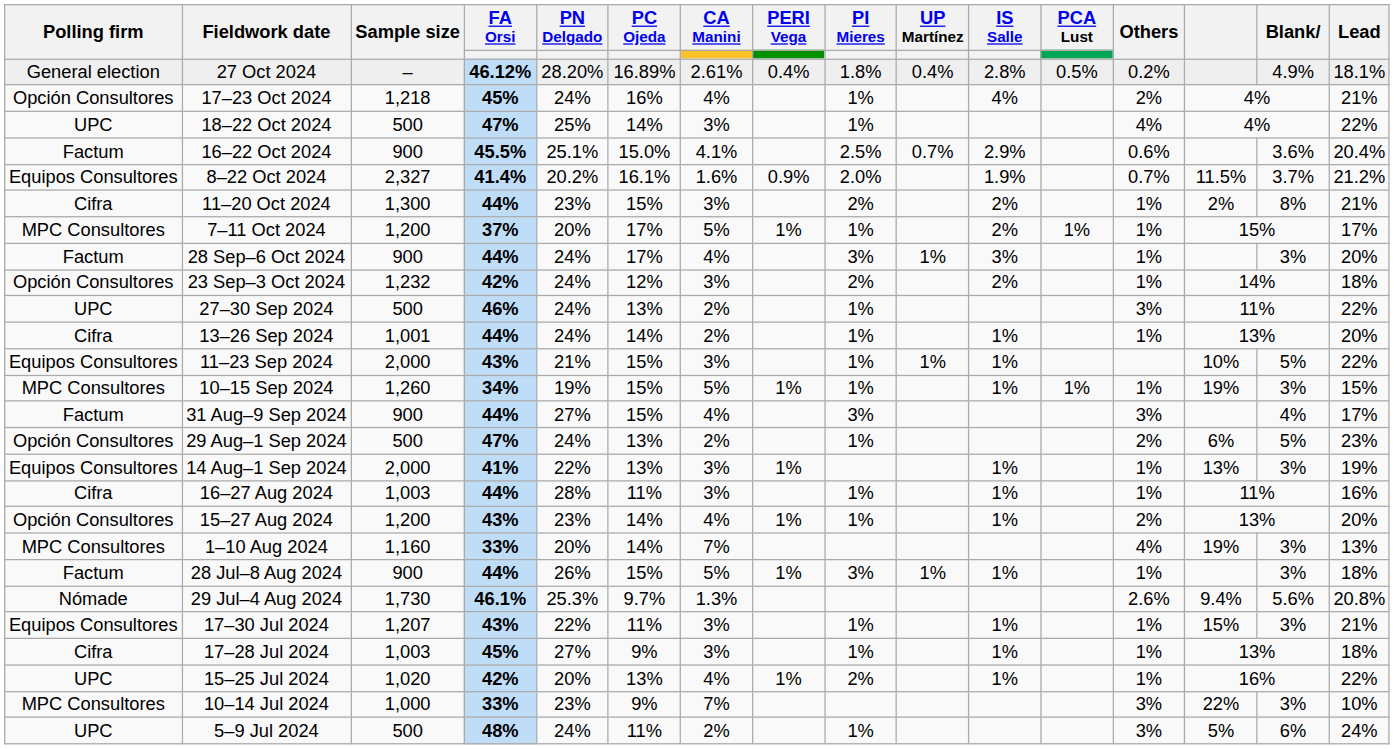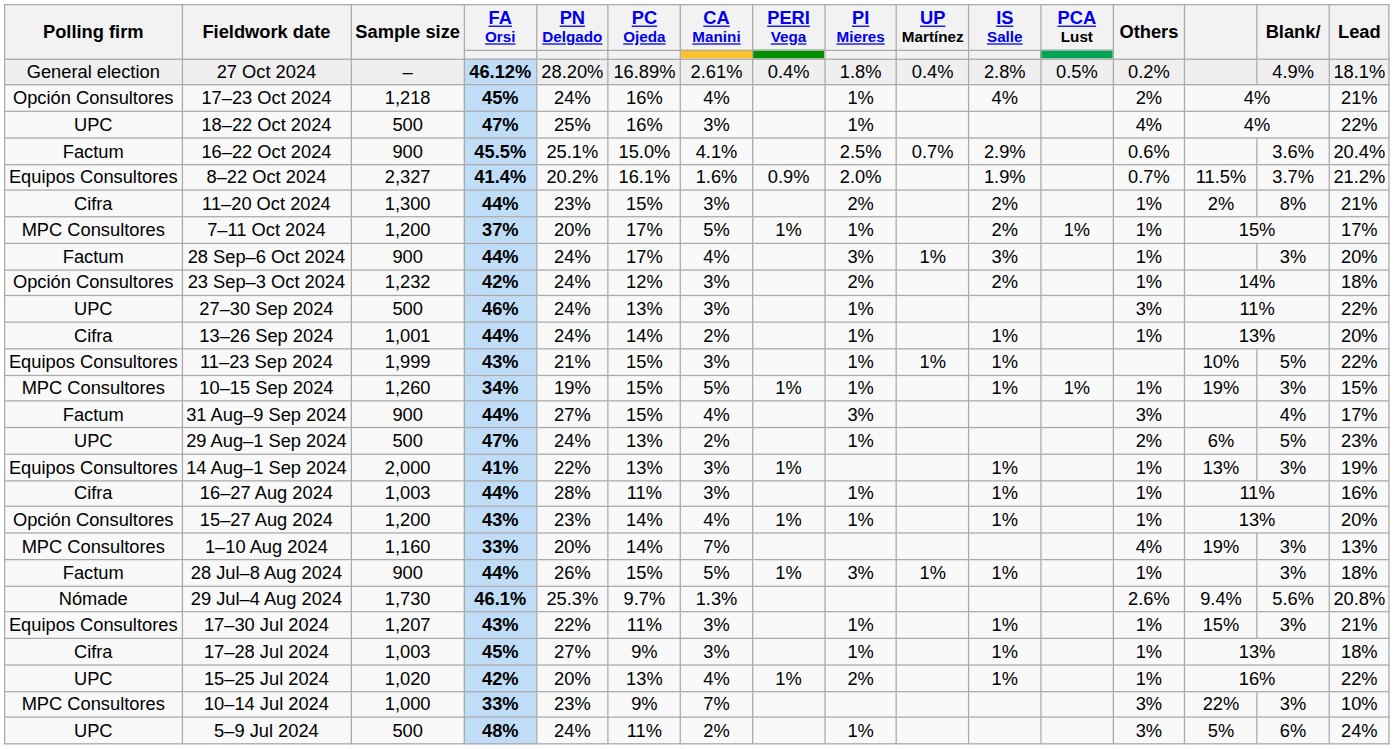 <table class="wikitable sortable collapsible collapsed mw-datatable" style="text-align:center;font-size:90%;line-height:14px;">
 <tr>
 <th rowspan=2>Polling firm</th>
 <th rowspan=2>Fieldwork date</th>
 <th rowspan=2>Sample size</th>
 <th style="width:50px;" class="unsortable"><a href='#'>FA</a><br><small><a href='#'>Orsi</a></small></th>
 <th style="width:50px;" class="unsortable"><a href='#'>PN</a><br><small><a href='#'>Delgado</a></small></th>
 <th style="width:50px;" class="unsortable"><a href='#'>PC</a><br><small><a href='#'>Ojeda</a></small></th>
 <th style="width:50px;" class="unsortable"><a href='#'>CA</a><br><small><a href='#'>Manini</a></small></th>
 <th style="width:50px;" class="unsortable"><a href='#'>PERI</a><br><small><a href='#'>Vega</a></small></th>
 <th style="width:50px;" class="unsortable"><a href='#'>PI</a><br><small><a href='#'>Mieres</a></small></th>
 <th style="width:50px;" class="unsortable"><a href='#'>UP</a><br><small>Martínez</small></th>
 <th style="width:50px;" class="unsortable"><a href='#'>IS</a><br><small><a href='#'>Salle</a></small></th>
 <th style="width:50px;" class="unsortable"><a href='#'>PCA</a><br><small>Lust</small></th>
 <th rowspan="2" style="width:50px;" class="unsortable">Others</th>
 <th rowspan="2" style="width:50px;" class="unsortable"></th>
 <th rowspan="2" style="width:50px;" class="unsortable">Blank/</th>
 <th rowspan="2" style="width:30px;">Lead</th>
 </tr>
 <tr>
 <th data-sort-type="number" style="background:"></th>
 <th data-sort-type="number" style="background:"></th>
 <th data-sort-type="number" style="background:"></th>
 <th data-sort-type="number" style="background:#FBC22B"></th>
 <th data-sort-type="number" style="background:#009000"></th>
 <th data-sort-type="number" style="background:"></th>
 <th data-sort-type="number" style="background:"></th>
 <th data-sort-type="number" style="background:"></th>
 <th data-sort-type="number" style="background:#00a655"></th>
 </tr>
 <tr style="background:#EFEFEF;">
 <td>General election</td>
 <td>27 Oct 2024</td>
 <td>–</td>
 <td style="background:#C0DDF8;"><strong>46.12%</strong></td>
 <td>28.20%</td>
 <td>16.89%</td>
 <td>2.61%</td>
 <td>0.4%</td>
 <td>1.8%</td>
 <td>0.4%</td>
 <td>2.8%</td>
 <td>0.5%</td>
 <td>0.2%</td>
 <td></td>
 <td>4.9%</td>
 <td style="background:">18.1%</td>
 </tr>
 <tr>
 <td>Opción Consultores</td>
 <td>17–23 Oct 2024</td>
 <td>1,218</td>
 <td style="background:#C0DDF8;"><strong>45%</strong></td>
 <td>24%</td>
 <td>16%</td>
 <td>4%</td>
 <td></td>
 <td>1%</td>
 <td></td>
 <td>4%</td>
 <td></td>
 <td>2%</td>
 <td colspan="2">4%</td>
 <td style="background:">21%</td>
 </tr>
 <tr>
 <td>UPC</td>
 <td>18–22 Oct 2024</td>
 <td>500</td>
 <td style="background:#C0DDF8;"><strong>47%</strong></td>
 <td>25%</td>
-<td>14%</td>
+<td>16%</td>
 <td>3%</td>
 <td></td>
 <td>1%</td>
 <td></td>
 <td></td>
 <td></td>
 <td>4%</td>
 <td colspan="2">4%</td>
 <td style="background:">22%</td>
 </tr>
 <tr>
 <td>Factum</td>
 <td>16–22 Oct 2024</td>
 <td>900</td>
 <td style="background:#C0DDF8;"><strong>45.5%</strong></td>
 <td>25.1%</td>
 <td>15.0%</td>
 <td>4.1%</td>
 <td></td>
 <td>2.5%</td>
 <td>0.7%</td>
 <td>2.9%</td>
 <td></td>
 <td>0.6%</td>
 <td></td>
 <td>3.6%</td>
 <td style="background:">20.4%</td>
 </tr>
 <tr>
 <td>Equipos Consultores</td>
 <td>8–22 Oct 2024</td>
 <td>2,327</td>
 <td style="background:#C0DDF8;"><strong>41.4%</strong></td>
 <td>20.2%</td>
 <td>16.1%</td>
 <td>1.6%</td>
 <td>0.9%</td>
 <td>2.0%</td>
 <td></td>
 <td>1.9%</td>
 <td></td>
 <td>0.7%</td>
 <td>11.5%</td>
 <td>3.7%</td>
 <td style="background:">21.2%</td>
 </tr>
 <tr>
 <td>Cifra</td>
 <td>11–20 Oct 2024</td>
 <td>1,300</td>
 <td style="background:#C0DDF8;"><strong>44%</strong></td>
 <td>23%</td>
 <td>15%</td>
 <td>3%</td>
 <td></td>
 <td>2%</td>
 <td></td>
 <td>2%</td>
 <td></td>
 <td>1%</td>
 <td>2%</td>
 <td>8%</td>
 <td style="background:">21%</td>
 </tr>
 <tr>
 <td>MPC Consultores</td>
 <td>7–11 Oct 2024</td>
 <td>1,200</td>
 <td style="background:#C0DDF8;"><strong>37%</strong></td>
 <td>20%</td>
 <td>17%</td>
 <td>5%</td>
 <td>1%</td>
 <td>1%</td>
 <td></td>
 <td>2%</td>
 <td>1%</td>
 <td>1%</td>
 <td colspan="2">15%</td>
 <td style="background:">17%</td>
 </tr>
 <tr>
 <td>Factum</td>
 <td>28 Sep–6 Oct 2024</td>
 <td>900</td>
 <td style="background:#C0DDF8;"><strong>44%</strong></td>
 <td>24%</td>
 <td>17%</td>
 <td>4%</td>
 <td></td>
 <td>3%</td>
 <td>1%</td>
 <td>3%</td>
 <td></td>
 <td>1%</td>
 <td></td>
 <td>3%</td>
 <td style="background:">20%</td>
 </tr>
 <tr>
 <td>Opción Consultores</td>
 <td>23 Sep–3 Oct 2024</td>
 <td>1,232</td>
 <td style="background:#C0DDF8;"><strong>42%</strong></td>
 <td>24%</td>
 <td>12%</td>
 <td>3%</td>
 <td></td>
 <td>2%</td>
 <td></td>
 <td>2%</td>
 <td></td>
 <td>1%</td>
 <td colspan="2">14%</td>
 <td style="background:">18%</td>
 </tr>
 <tr>
 <td>UPC</td>
 <td>27–30 Sep 2024</td>
 <td>500</td>
 <td style="background:#C0DDF8;"><strong>46%</strong></td>
 <td>24%</td>
 <td>13%</td>
-<td>2%</td>
+<td>3%</td>
 <td></td>
 <td>1%</td>
 <td></td>
 <td></td>
 <td></td>
 <td>3%</td>
 <td colspan="2">11%</td>
 <td style="background:">22%</td>
 </tr>
 <tr>
 <td>Cifra</td>
 <td>13–26 Sep 2024</td>
 <td>1,001</td>
 <td style="background:#C0DDF8;"><strong>44%</strong></td>
 <td>24%</td>
 <td>14%</td>
 <td>2%</td>
 <td></td>
 <td>1%</td>
 <td></td>
 <td>1%</td>
 <td></td>
 <td>1%</td>
 <td colspan="2">13%</td>
 <td style="background:">20%</td>
 </tr>
 <tr>
 <td>Equipos Consultores</td>
 <td>11–23 Sep 2024</td>
-<td>2,000</td>
+<td>1,999</td>
 <td style="background:#C0DDF8;"><strong>43%</strong></td>
 <td>21%</td>
 <td>15%</td>
 <td>3%</td>
 <td></td>
 <td>1%</td>
 <td>1%</td>
 <td>1%</td>
 <td></td>
 <td></td>
 <td>10%</td>
 <td>5%</td>
 <td style="background:">22%</td>
 </tr>
 <tr>
 <td>MPC Consultores</td>
 <td>10–15 Sep 2024</td>
 <td>1,260</td>
 <td style="background:#C0DDF8;"><strong>34%</strong></td>
 <td>19%</td>
 <td>15%</td>
 <td>5%</td>
 <td>1%</td>
 <td>1%</td>
 <td></td>
 <td>1%</td>
 <td>1%</td>
 <td>1%</td>
 <td>19%</td>
 <td>3%</td>
 <td style="background:">15%</td>
 </tr>
 <tr>
 <td>Factum</td>
 <td>31 Aug–9 Sep 2024</td>
 <td>900</td>
 <td style="background:#C0DDF8;"><strong>44%</strong></td>
 <td>27%</td>
 <td>15%</td>
 <td>4%</td>
 <td></td>
 <td>3%</td>
 <td></td>
 <td></td>
 <td></td>
 <td>3%</td>
 <td></td>
 <td>4%</td>
 <td style="background:">17%</td>
 </tr>
 <tr>
-<td>Opción Consultores</td>
+<td>UPC</td>
 <td>29 Aug–1 Sep 2024</td>
 <td>500</td>
 <td style="background:#C0DDF8;"><strong>47%</strong></td>
 <td>24%</td>
 <td>13%</td>
 <td>2%</td>
 <td></td>
 <td>1%</td>
 <td></td>
 <td></td>
 <td></td>
 <td>2%</td>
 <td>6%</td>
 <td>5%</td>
 <td style="background:">23%</td>
 </tr>
 <tr>
 <td>Equipos Consultores</td>
 <td>14 Aug–1 Sep 2024</td>
 <td>2,000</td>
 <td style="background:#C0DDF8;"><strong>41%</strong></td>
 <td>22%</td>
 <td>13%</td>
 <td>3%</td>
 <td>1%</td>
 <td></td>
 <td></td>
 <td>1%</td>
 <td></td>
 <td>1%</td>
 <td>13%</td>
 <td>3%</td>
 <td style="background:">19%</td>
 </tr>
 <tr>
 <td>Cifra</td>
 <td>16–27 Aug 2024</td>
 <td>1,003</td>
 <td style="background:#C0DDF8;"><strong>44%</strong></td>
 <td>28%</td>
 <td>11%</td>
 <td>3%</td>
 <td></td>
 <td>1%</td>
 <td></td>
 <td>1%</td>
 <td></td>
 <td>1%</td>
 <td colspan="2">11%</td>
 <td style="background:">16%</td>
 </tr>
 <tr>
 <td>Opción Consultores</td>
 <td>15–27 Aug 2024</td>
 <td>1,200</td>
 <td style="background:#C0DDF8;"><strong>43%</strong></td>
 <td>23%</td>
 <td>14%</td>
 <td>4%</td>
 <td>1%</td>
 <td>1%</td>
 <td></td>
 <td>1%</td>
 <td></td>
-<td>2%</td>
+<td>1%</td>
 <td colspan="2">13%</td>
 <td style="background:">20%</td>
 </tr>
 <tr>
 <td>MPC Consultores</td>
 <td>1–10 Aug 2024</td>
 <td>1,160</td>
 <td style="background:#C0DDF8;"><strong>33%</strong></td>
 <td>20%</td>
 <td>14%</td>
 <td>7%</td>
 <td></td>
 <td></td>
 <td></td>
 <td></td>
 <td></td>
 <td>4%</td>
 <td>19%</td>
 <td>3%</td>
 <td style="background:">13%</td>
 </tr>
 <tr>
 <td>Factum</td>
 <td>28 Jul–8 Aug 2024</td>
 <td>900</td>
 <td style="background:#C0DDF8;"><strong>44%</strong></td>
 <td>26%</td>
 <td>15%</td>
 <td>5%</td>
 <td>1%</td>
 <td>3%</td>
 <td>1%</td>
 <td>1%</td>
 <td></td>
 <td>1%</td>
 <td></td>
 <td>3%</td>
 <td style="background:">18%</td>
 </tr>
 <tr>
 <td>Nómade</td>
 <td>29 Jul–4 Aug 2024</td>
 <td>1,730</td>
 <td style="background:#C0DDF8;"><strong>46.1%</strong></td>
 <td>25.3%</td>
 <td>9.7%</td>
 <td>1.3%</td>
 <td></td>
 <td></td>
 <td></td>
 <td></td>
 <td></td>
 <td>2.6%</td>
 <td>9.4%</td>
 <td>5.6%</td>
 <td style="background:">20.8%</td>
 </tr>
 <tr>
 <td>Equipos Consultores</td>
 <td>17–30 Jul 2024</td>
 <td>1,207</td>
 <td style="background:#C0DDF8;"><strong>43%</strong></td>
 <td>22%</td>
 <td>11%</td>
 <td>3%</td>
 <td></td>
 <td>1%</td>
 <td></td>
 <td>1%</td>
 <td></td>
 <td>1%</td>
 <td>15%</td>
 <td>3%</td>
 <td style="background:">21%</td>
 </tr>
 <tr>
 <td>Cifra</td>
 <td>17–28 Jul 2024</td>
 <td>1,003</td>
 <td style="background:#C0DDF8;"><strong>45%</strong></td>
 <td>27%</td>
 <td>9%</td>
 <td>3%</td>
 <td></td>
 <td>1%</td>
 <td></td>
 <td>1%</td>
 <td></td>
 <td>1%</td>
 <td colspan="2">13%</td>
 <td style="background:">18%</td>
 </tr>
 <tr>
 <td>UPC</td>
 <td>15–25 Jul 2024</td>
 <td>1,020</td>
 <td style="background:#C0DDF8;"><strong>42%</strong></td>
 <td>20%</td>
 <td>13%</td>
 <td>4%</td>
 <td>1%</td>
 <td>2%</td>
 <td></td>
 <td>1%</td>
 <td></td>
 <td>1%</td>
 <td colspan="2">16%</td>
 <td style="background:">22%</td>
 </tr>
 <tr>
 <td>MPC Consultores</td>
 <td>10–14 Jul 2024</td>
 <td>1,000</td>
 <td style="background:#C0DDF8;"><strong>33%</strong></td>
 <td>23%</td>
 <td>9%</td>
 <td>7%</td>
 <td></td>
 <td></td>
 <td></td>
 <td></td>
 <td></td>
 <td>3%</td>
 <td>22%</td>
 <td>3%</td>
 <td style="background:">10%</td>
 </tr>
 <tr>
 <td>UPC</td>
 <td>5–9 Jul 2024</td>
 <td>500</td>
 <td style="background:#C0DDF8;"><strong>48%</strong></td>
 <td>24%</td>
 <td>11%</td>
 <td>2%</td>
 <td></td>
 <td>1%</td>
 <td></td>
 <td></td>
 <td></td>
 <td>3%</td>
 <td>5%</td>
 <td>6%</td>
 <td style="background:">24%</td>
 </tr>
 </table>
